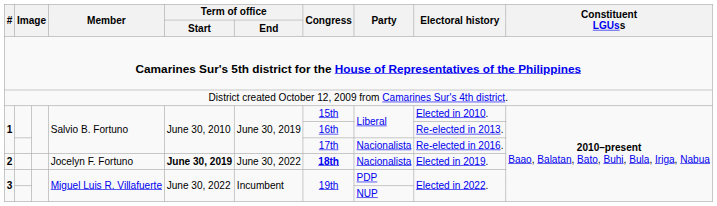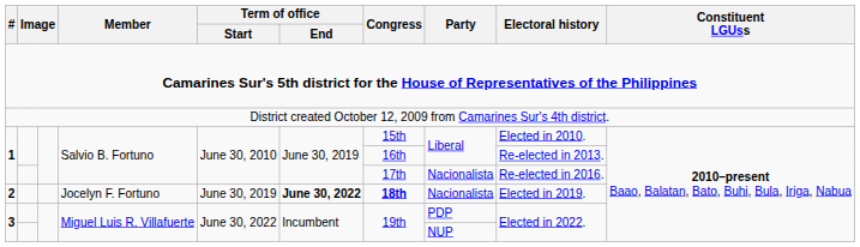 <table class=wikitable>
 <tr>
 <th rowspan="2">#</th>
 <th rowspan="2" colspan=2>Image</th>
 <th rowspan="2">Member</th>
 <th colspan=2>Term of office</th>
 <th rowspan="2">Congress</th>
 <th rowspan="2">Party</th>
 <th rowspan="2">Electoral history</th>
 <th rowspan="2">Constituent<br><a href='#'>LGUs</a>s</th>
 </tr>
 <tr>
 <th>Start</th>
 <th>End</th>
 </tr>
 <tr>
 <td colspan="10" style="text-align:center;"><br><h3>Camarines Sur's 5th district for the <a href='#'>House of Representatives of the Philippines</a></h3></td>
 </tr>
 <tr>
 <td colspan="10" style="text-align:center;">District created October 12, 2009 from <a href='#'>Camarines Sur's 4th district</a>.</td>
 </tr>
 <tr>
 <td rowspan="3" style="text-align:center;"><strong>1</strong></td>
 <td rowspan="2" style="color:inherit;background:"></td>
 <td rowspan="3"></td>
 <td rowspan="3">Salvio B. Fortuno</td>
 <td rowspan="3">June 30, 2010</td>
 <td rowspan="3">June 30, 2019</td>
 <td style="text-align:center;"><a href='#'>15th</a></td>
 <td rowspan="2"><a href='#'>Liberal</a></td>
 <td><a href='#'>Elected in 2010</a>.</td>
 <td rowspan="6" style="text-align:center;"><strong>2010–present</strong><br><a href='#'>Baao</a>, <a href='#'>Balatan</a>, <a href='#'>Bato</a>, <a href='#'>Buhi</a>, <a href='#'>Bula</a>, <a href='#'>Iriga</a>, <a href='#'>Nabua</a></td>
 </tr>
 <tr>
 <td style="text-align:center;"><a href='#'>16th</a></td>
 <td><a href='#'>Re-elected in 2013</a>.</td>
 </tr>
 <tr>
 <td style="color:inherit;background:"></td>
 <td style="text-align:center;"><a href='#'>17th</a></td>
 <td><a href='#'>Nacionalista</a></td>
 <td><a href='#'>Re-elected in 2016</a>.</td>
 </tr>
 <tr>
 <td style="text-align:center;"><strong>2</strong></td>
 <td style="color:inherit;background:"></td>
 <td></td>
 <td>Jocelyn F. Fortuno</td>
-<td><strong>June 30, 2019</strong></td>
-<td>June 30, 2022</td>
+<td>June 30, 2019</td>
+<td><strong>June 30, 2022</strong></td>
 <td style="text-align:center;"><strong><a href='#'>18th</a></strong></td>
 <td><a href='#'>Nacionalista</a></td>
 <td><a href='#'>Elected in 2019</a>.</td>
 </tr>
 <tr>
 <td style="text-align:center;" rowspan="2"><strong>3</strong></td>
 <td style="color:inherit;background:"></td>
 <td rowspan="2"></td>
 <td rowspan="2"><a href='#'>Miguel Luis R. Villafuerte</a></td>
 <td rowspan="2">June 30, 2022</td>
 <td rowspan="2">Incumbent</td>
 <td style="text-align:center;"  rowspan="2"><a href='#'>19th</a></td>
 <td><a href='#'>PDP</a></td>
 <td rowspan="2"><a href='#'>Elected in 2022</a>.</td>
 </tr>
 <tr>
 <td style="color:inherit;background:"></td>
 <td><a href='#'>NUP</a></td>
 </tr>
 </table>
